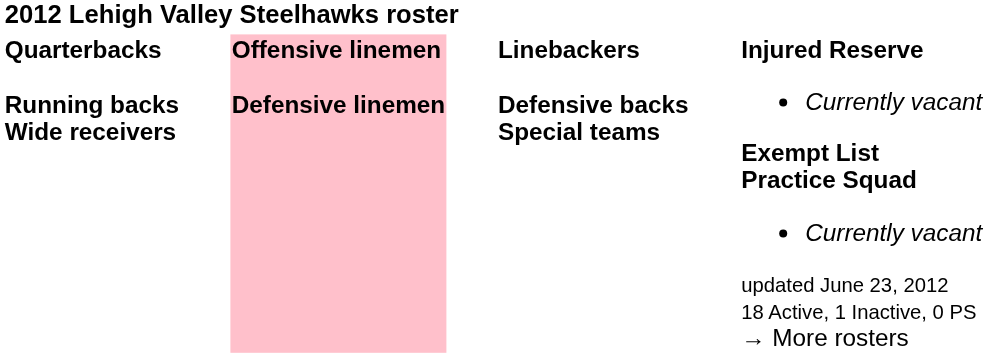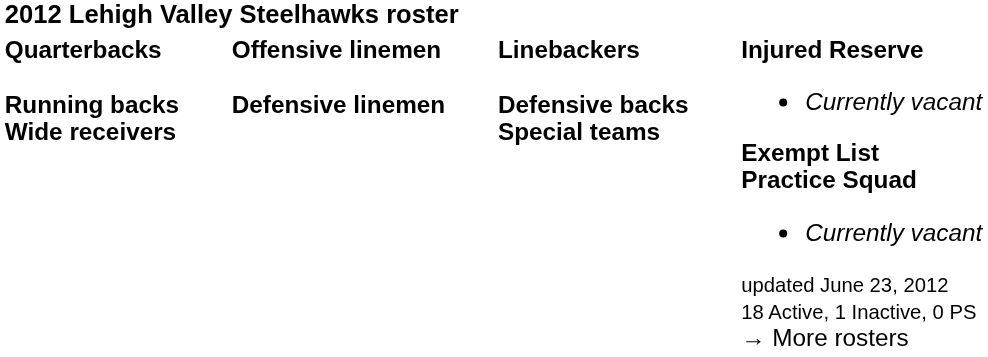 <table class="toccolours" style="text-align: left;">
 <tr>
 <th colspan="7"><strong>2012 Lehigh Valley Steelhawks roster</strong></th>
 </tr>
 <tr>
 <td style="font-size: 95%;" valign="top"><strong>Quarterbacks</strong><br><br><strong>Running backs</strong>  <br><strong>Wide receivers</strong>   </td>
 <td style="width: 25px;"></td>
-<td style="background: pink; font-size: 95%;" valign="top"><strong>Offensive linemen</strong><br>  <br><strong>Defensive linemen</strong>   </td>
+<td style="font-size: 95%;" valign="top"><strong>Offensive linemen</strong><br>  <br><strong>Defensive linemen</strong>   </td>
 <td style="width: 25px;"></td>
 <td style="font-size: 95%;" valign="top"><strong>Linebackers</strong><br> <br><strong>Defensive backs</strong>   <br><strong>Special teams</strong> </td>
 <td style="width: 25px;"></td>
 <td style="font-size: 95%;" valign="top"><strong>Injured Reserve</strong><br><ul><li><em>Currently vacant</em></li></ul><strong>Exempt List</strong> <br><strong>Practice Squad</strong><ul><li><em>Currently vacant</em></li></ul><small>  updated June 23, 2012</small><br> <small>18 Active, 1 Inactive, 0 PS</small><br>→ More rosters</td>
 </tr>
 <tr>
 </tr>
 </table>
